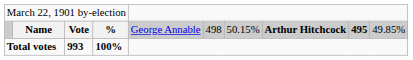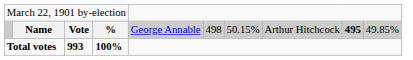 <table class="wikitable">
 <tr>
 <td colspan=4 align=center>March 22, 1901 by-election</td>
 </tr>
 <tr bgcolor="CCCCCC">
 <td></td>
 <th>Name</th>
 <th>Vote</th>
 <th>%<br></th>
 <td><a href='#'>George Annable</a></td>
 <td>498</td>
 <td>50.15%<br></td>
-<td><strong>Arthur Hitchcock</strong></td>
+<td>Arthur Hitchcock</td>
 <td><strong>495</strong></td>
 <td>49.85%</td>
 </tr>
 <tr>
 <td colspan=2><strong>Total votes</strong></td>
 <td><strong>993</strong></td>
 <td alignment="left"><strong>100%</strong></td>
 </tr>
 </table>
